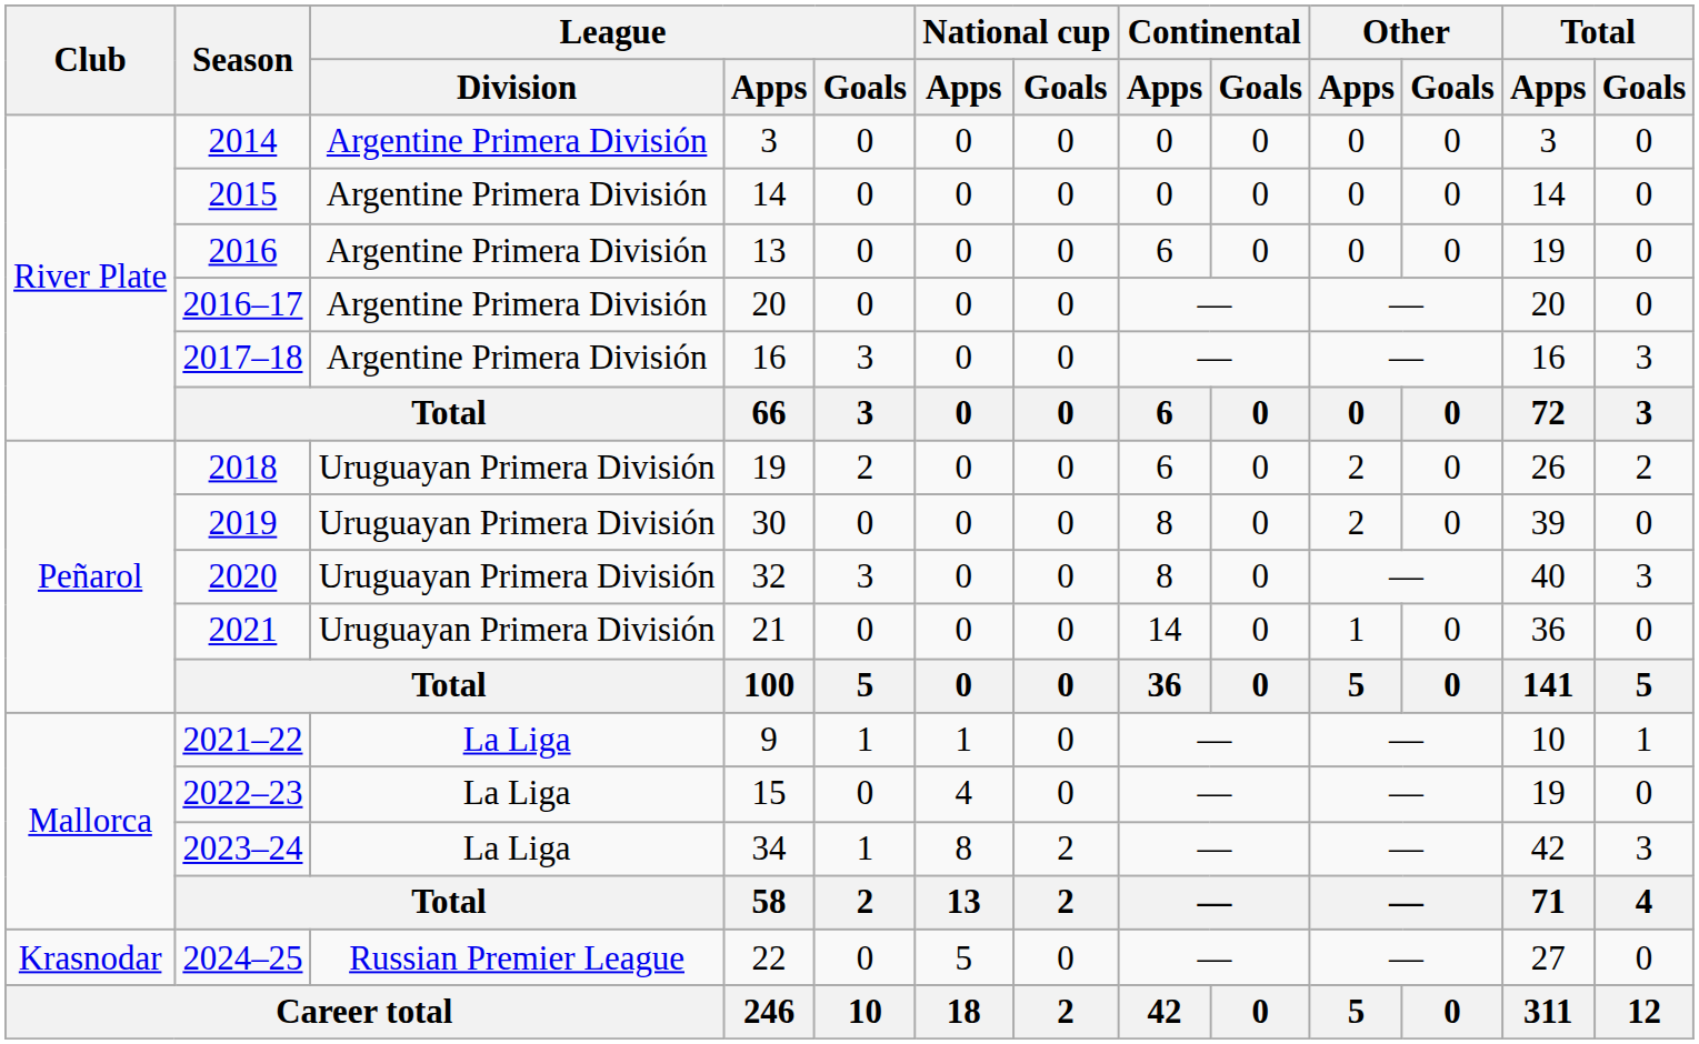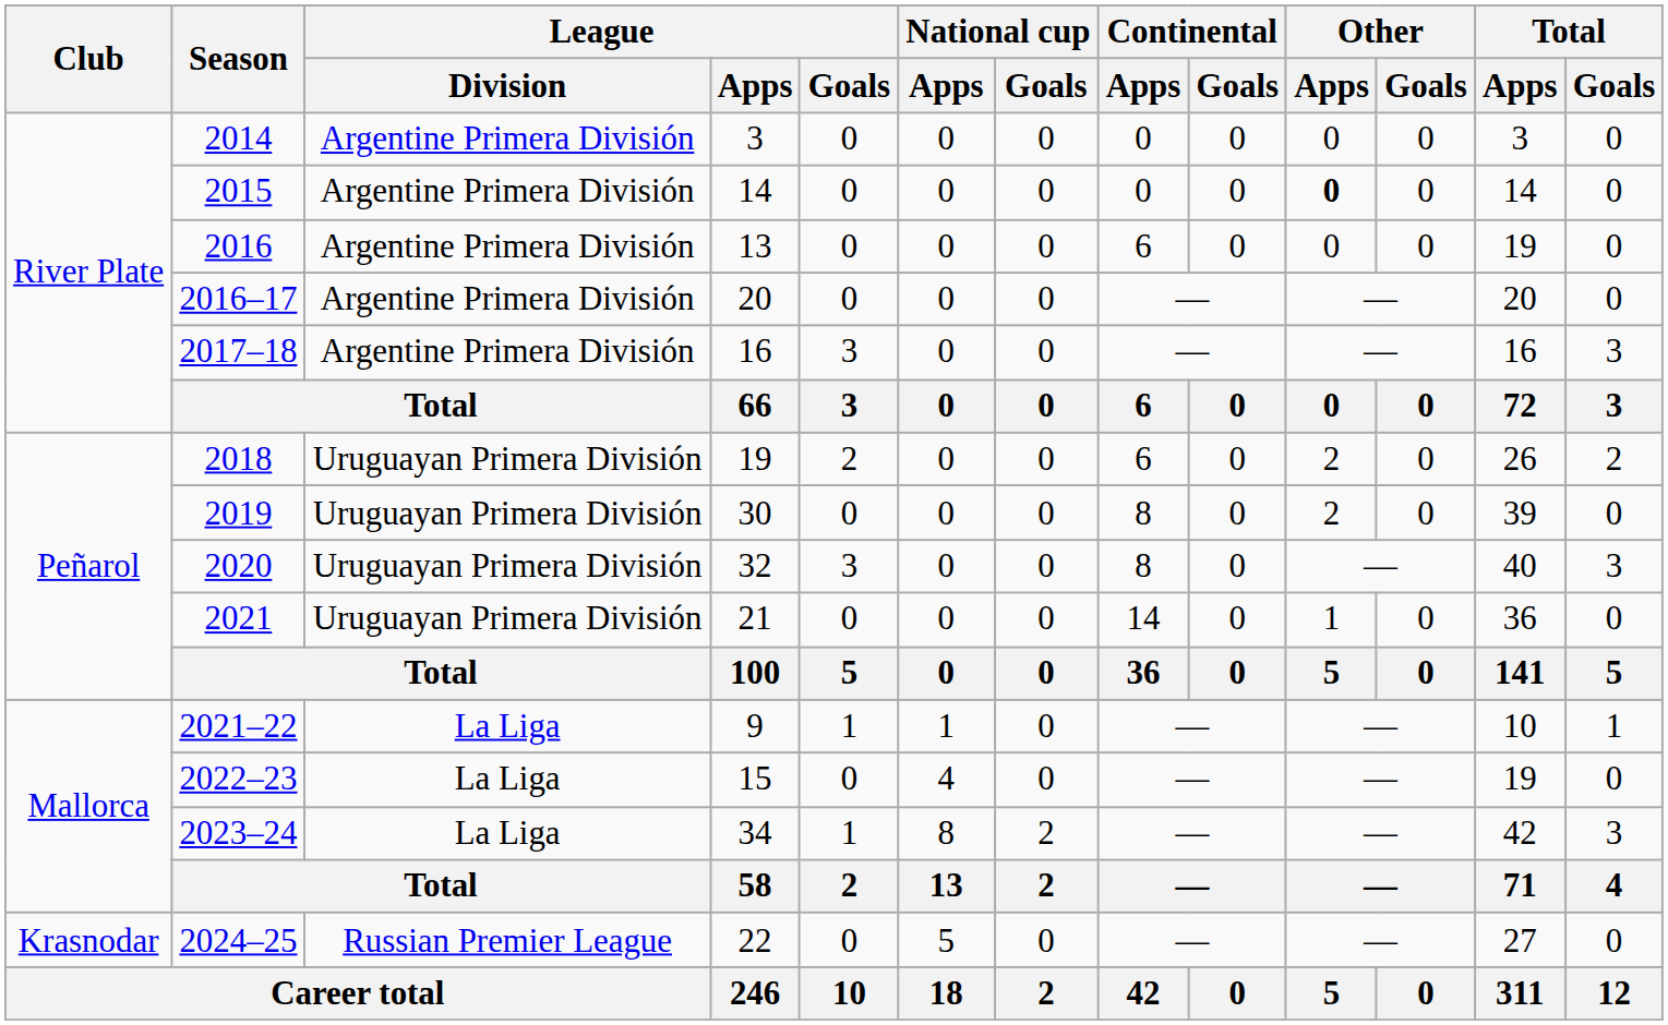 <table class="wikitable" style="text-align: center;">
 <tr>
 <th rowspan="2">Club</th>
 <th rowspan="2">Season</th>
 <th colspan="3">League</th>
 <th colspan="2">National cup</th>
 <th colspan="2">Continental</th>
 <th colspan="2">Other</th>
 <th colspan="2">Total</th>
 </tr>
 <tr>
 <th>Division</th>
 <th>Apps</th>
 <th>Goals</th>
 <th>Apps</th>
 <th>Goals</th>
 <th>Apps</th>
 <th>Goals</th>
 <th>Apps</th>
 <th>Goals</th>
 <th>Apps</th>
 <th>Goals</th>
 </tr>
 <tr>
 <td rowspan="6"><a href='#'>River Plate</a></td>
 <td><a href='#'>2014</a></td>
 <td><a href='#'>Argentine Primera División</a></td>
 <td>3</td>
 <td>0</td>
 <td>0</td>
 <td>0</td>
 <td>0</td>
 <td>0</td>
 <td>0</td>
 <td>0</td>
 <td>3</td>
 <td>0</td>
 </tr>
 <tr>
 <td><a href='#'>2015</a></td>
 <td>Argentine Primera División</td>
 <td>14</td>
 <td>0</td>
 <td>0</td>
 <td>0</td>
 <td>0</td>
 <td>0</td>
-<td>0</td>
+<td><strong>0</strong></td>
 <td>0</td>
 <td>14</td>
 <td>0</td>
 </tr>
 <tr>
 <td><a href='#'>2016</a></td>
 <td>Argentine Primera División</td>
 <td>13</td>
 <td>0</td>
 <td>0</td>
 <td>0</td>
 <td>6</td>
 <td>0</td>
 <td>0</td>
 <td>0</td>
 <td>19</td>
 <td>0</td>
 </tr>
 <tr>
 <td><a href='#'>2016–17</a></td>
 <td>Argentine Primera División</td>
 <td>20</td>
 <td>0</td>
 <td>0</td>
 <td>0</td>
 <td colspan="2">—</td>
 <td colspan="2">—</td>
 <td>20</td>
 <td>0</td>
 </tr>
 <tr>
 <td><a href='#'>2017–18</a></td>
 <td>Argentine Primera División</td>
 <td>16</td>
 <td>3</td>
 <td>0</td>
 <td>0</td>
 <td colspan="2">—</td>
 <td colspan="2">—</td>
 <td>16</td>
 <td>3</td>
 </tr>
 <tr>
 <th colspan="2">Total</th>
 <th>66</th>
 <th>3</th>
 <th>0</th>
 <th>0</th>
 <th>6</th>
 <th>0</th>
 <th>0</th>
 <th>0</th>
 <th>72</th>
 <th>3</th>
 </tr>
 <tr>
 <td rowspan="5"><a href='#'>Peñarol</a></td>
 <td><a href='#'>2018</a></td>
 <td>Uruguayan Primera División</td>
 <td>19</td>
 <td>2</td>
 <td>0</td>
 <td>0</td>
 <td>6</td>
 <td>0</td>
 <td>2</td>
 <td>0</td>
 <td>26</td>
 <td>2</td>
 </tr>
 <tr>
 <td><a href='#'>2019</a></td>
 <td>Uruguayan Primera División</td>
 <td>30</td>
 <td>0</td>
 <td>0</td>
 <td>0</td>
 <td>8</td>
 <td>0</td>
 <td>2</td>
 <td>0</td>
 <td>39</td>
 <td>0</td>
 </tr>
 <tr>
 <td><a href='#'>2020</a></td>
 <td>Uruguayan Primera División</td>
 <td>32</td>
 <td>3</td>
 <td>0</td>
 <td>0</td>
 <td>8</td>
 <td>0</td>
 <td colspan="2">—</td>
 <td>40</td>
 <td>3</td>
 </tr>
 <tr>
 <td><a href='#'>2021</a></td>
 <td>Uruguayan Primera División</td>
 <td>21</td>
 <td>0</td>
 <td>0</td>
 <td>0</td>
 <td>14</td>
 <td>0</td>
 <td>1</td>
 <td>0</td>
 <td>36</td>
 <td>0</td>
 </tr>
 <tr>
 <th colspan="2">Total</th>
 <th>100</th>
 <th>5</th>
 <th>0</th>
 <th>0</th>
 <th>36</th>
 <th>0</th>
 <th>5</th>
 <th>0</th>
 <th>141</th>
 <th>5</th>
 </tr>
 <tr>
 <td rowspan="4"><a href='#'>Mallorca</a></td>
 <td><a href='#'>2021–22</a></td>
 <td><a href='#'>La Liga</a></td>
 <td>9</td>
 <td>1</td>
 <td>1</td>
 <td>0</td>
 <td colspan="2">—</td>
 <td colspan="2">—</td>
 <td>10</td>
 <td>1</td>
 </tr>
 <tr>
 <td><a href='#'>2022–23</a></td>
 <td>La Liga</td>
 <td>15</td>
 <td>0</td>
 <td>4</td>
 <td>0</td>
 <td colspan="2">—</td>
 <td colspan="2">—</td>
 <td>19</td>
 <td>0</td>
 </tr>
 <tr>
 <td><a href='#'>2023–24</a></td>
 <td>La Liga</td>
 <td>34</td>
 <td>1</td>
 <td>8</td>
 <td>2</td>
 <td colspan="2">—</td>
 <td colspan="2">—</td>
 <td>42</td>
 <td>3</td>
 </tr>
 <tr>
 <th colspan="2">Total</th>
 <th>58</th>
 <th>2</th>
 <th>13</th>
 <th>2</th>
 <th colspan="2">—</th>
 <th colspan="2">—</th>
 <th>71</th>
 <th>4</th>
 </tr>
 <tr>
 <td><a href='#'>Krasnodar</a></td>
 <td><a href='#'>2024–25</a></td>
 <td><a href='#'>Russian Premier League</a></td>
 <td>22</td>
 <td>0</td>
 <td>5</td>
 <td>0</td>
 <td colspan="2">—</td>
 <td colspan="2">—</td>
 <td>27</td>
 <td>0</td>
 </tr>
 <tr>
 <th colspan="3">Career total</th>
 <th>246</th>
 <th>10</th>
 <th>18</th>
 <th>2</th>
 <th>42</th>
 <th>0</th>
 <th>5</th>
 <th>0</th>
 <th>311</th>
 <th>12</th>
 </tr>
 </table>
